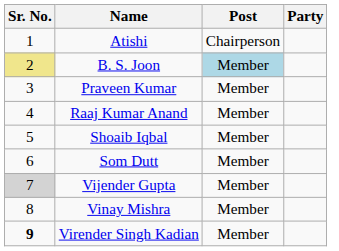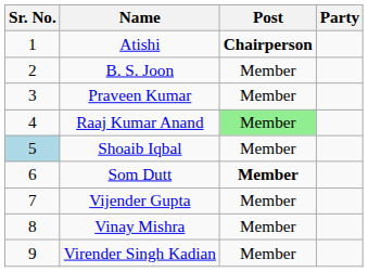 <table class="wikitable sortable">
 <tr>
 <th>Sr. No.</th>
 <th>Name</th>
 <th>Post</th>
 <th colspan="2">Party</th>
 </tr>
 <tr align="center">
 <td>1</td>
 <td><a href='#'>Atishi</a></td>
-<td>Chairperson</td>
+<td><strong>Chairperson</strong></td>
 <td></td>
 </tr>
 <tr align="center">
-<td style="background: khaki;">2</td>
+<td>2</td>
 <td><a href='#'>B. S. Joon</a></td>
-<td style="background: lightblue;">Member</td>
+<td>Member</td>
 <td></td>
 </tr>
 <tr align="center">
 <td>3</td>
 <td><a href='#'>Praveen Kumar</a></td>
 <td>Member</td>
 <td></td>
 </tr>
 <tr align="center">
 <td>4</td>
 <td><a href='#'>Raaj Kumar Anand</a></td>
-<td>Member</td>
+<td style="background: lightgreen;">Member</td>
 <td></td>
 </tr>
 <tr align="center">
-<td>5</td>
+<td style="background: lightblue;">5</td>
 <td><a href='#'>Shoaib Iqbal</a></td>
 <td>Member</td>
 <td></td>
 </tr>
 <tr align="center">
 <td>6</td>
 <td><a href='#'>Som Dutt</a></td>
-<td>Member</td>
+<td><strong>Member</strong></td>
 <td></td>
 </tr>
 <tr align="center">
-<td style="background: lightgrey;">7</td>
+<td>7</td>
 <td><a href='#'>Vijender Gupta</a></td>
 <td>Member</td>
 <td></td>
 </tr>
 <tr align="center">
 <td>8</td>
 <td><a href='#'>Vinay Mishra</a></td>
 <td>Member</td>
 <td></td>
 </tr>
 <tr align="center">
-<td><strong>9</strong></td>
+<td>9</td>
 <td><a href='#'>Virender Singh Kadian</a></td>
 <td>Member</td>
 <td></td>
 </tr>
 </table>
